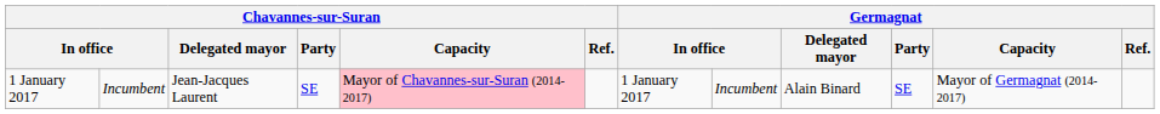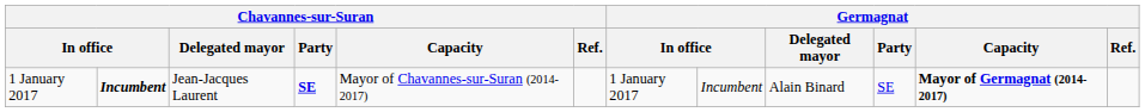 <table class="wikitable">
 <tr>
 <th colspan="6"><a href='#'>Chavannes-sur-Suran</a></th>
 <th colspan="6"><a href='#'>Germagnat</a></th>
 </tr>
 <tr>
 <th colspan="2">In office</th>
 <th>Delegated mayor</th>
 <th>Party</th>
 <th>Capacity</th>
 <th>Ref.</th>
 <th colspan="2">In office</th>
 <th>Delegated mayor</th>
 <th>Party</th>
 <th>Capacity</th>
 <th>Ref.</th>
 </tr>
 <tr>
 <td>1 January 2017</td>
-<td><em>Incumbent</em></td>
+<td><strong><em>Incumbent</em></strong></td>
 <td>Jean-Jacques Laurent</td>
-<td><a href='#'>SE</a></td>
-<td style="background: pink;">Mayor of <a href='#'>Chavannes-sur-Suran</a> <small>(2014-2017)</small></td>
+<td><strong><a href='#'>SE</a></strong></td>
+<td>Mayor of <a href='#'>Chavannes-sur-Suran</a> <small>(2014-2017)</small></td>
 <td></td>
 <td>1 January 2017</td>
 <td><em>Incumbent</em></td>
 <td>Alain Binard</td>
 <td><a href='#'>SE</a></td>
-<td>Mayor of <a href='#'>Germagnat</a> <small>(2014-2017)</small></td>
+<td><strong>Mayor of <a href='#'>Germagnat</a> <small>(2014-2017)</small></strong></td>
 <td></td>
 </tr>
 </table>
